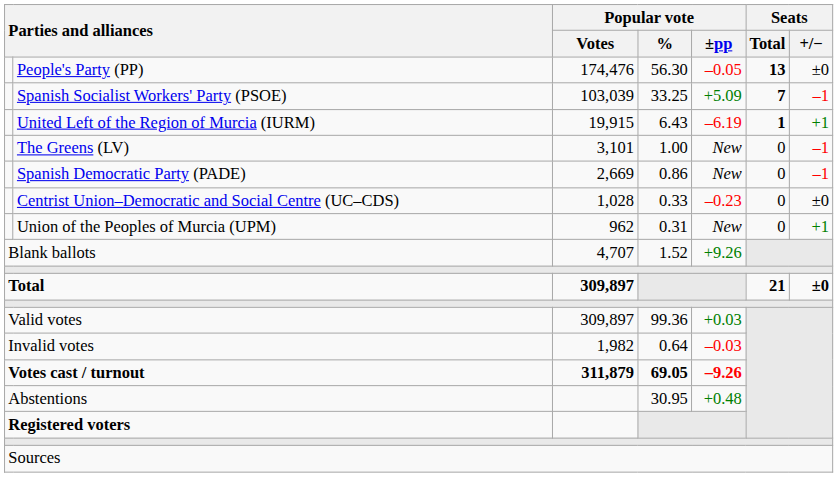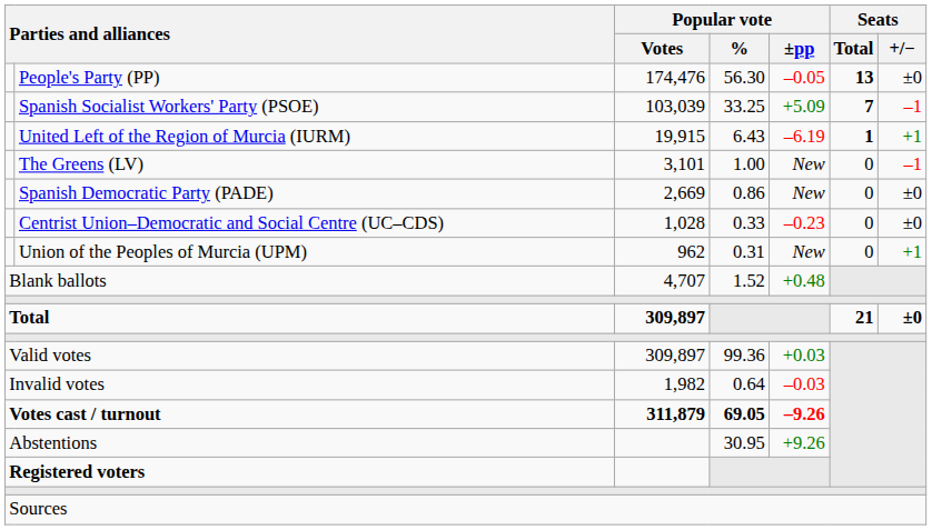 <table class="wikitable" style="text-align:right;">
 <tr>
 <th style="text-align:left;" rowspan="2" colspan="2" width="525">Parties and alliances</th>
 <th colspan="3">Popular vote</th>
 <th colspan="2">Seats</th>
 </tr>
 <tr>
 <th width="75">Votes</th>
 <th width="45">%</th>
 <th width="45">±<a href='#'>pp</a></th>
 <th width="35">Total</th>
 <th width="35">+/−</th>
 </tr>
 <tr>
 <td width="1" style="color:inherit;background:"></td>
 <td align="left"><a href='#'>People's Party</a> (PP)</td>
 <td>174,476</td>
 <td>56.30</td>
 <td style="color:red;">–0.05</td>
 <td><strong>13</strong></td>
 <td>±0</td>
 </tr>
 <tr>
 <td style="color:inherit;background:"></td>
 <td align="left"><a href='#'>Spanish Socialist Workers' Party</a> (PSOE)</td>
 <td>103,039</td>
 <td>33.25</td>
 <td style="color:green;">+5.09</td>
 <td><strong>7</strong></td>
 <td style="color:red;">–1</td>
 </tr>
 <tr>
 <td style="color:inherit;background:"></td>
 <td align="left"><a href='#'>United Left of the Region of Murcia</a> (IURM)</td>
 <td>19,915</td>
 <td>6.43</td>
 <td style="color:red;">–6.19</td>
 <td><strong>1</strong></td>
 <td style="color:green;">+1</td>
 </tr>
 <tr>
 <td style="color:inherit;background:"></td>
 <td align="left"><a href='#'>The Greens</a> (LV)</td>
 <td>3,101</td>
 <td>1.00</td>
 <td><em>New</em></td>
 <td>0</td>
 <td style="color:red;">–1</td>
 </tr>
 <tr>
 <td style="color:inherit;background:"></td>
 <td align="left"><a href='#'>Spanish Democratic Party</a> (PADE)</td>
 <td>2,669</td>
 <td>0.86</td>
 <td><em>New</em></td>
 <td>0</td>
-<td style="color:red;">–1</td>
+<td>±0</td>
 </tr>
 <tr>
 <td style="color:inherit;background:"></td>
 <td align="left"><a href='#'>Centrist Union–Democratic and Social Centre</a> (UC–CDS)</td>
 <td>1,028</td>
 <td>0.33</td>
 <td style="color:red;">–0.23</td>
 <td>0</td>
 <td>±0</td>
 </tr>
 <tr>
 <td style="color:inherit;background:"></td>
 <td align="left">Union of the Peoples of Murcia (UPM)</td>
 <td>962</td>
 <td>0.31</td>
 <td><em>New</em></td>
 <td>0</td>
 <td style="color:green;">+1</td>
 </tr>
 <tr>
 <td align="left" colspan="2">Blank ballots</td>
 <td>4,707</td>
 <td>1.52</td>
-<td style="color:green;">+9.26</td>
+<td style="color:green;">+0.48</td>
 <td bgcolor="#E9E9E9" colspan="2"></td>
 </tr>
 <tr>
 <td colspan="7" bgcolor="#E9E9E9"></td>
 </tr>
 <tr style="font-weight:bold;">
 <td align="left" colspan="2">Total</td>
 <td>309,897</td>
 <td bgcolor="#E9E9E9" colspan="2"></td>
 <td>21</td>
 <td>±0</td>
 </tr>
 <tr>
 <td colspan="7" bgcolor="#E9E9E9"></td>
 </tr>
 <tr>
 <td align="left" colspan="2">Valid votes</td>
 <td>309,897</td>
 <td>99.36</td>
 <td style="color:green;">+0.03</td>
 <td bgcolor="#E9E9E9" colspan="2" rowspan="5"></td>
 </tr>
 <tr>
 <td align="left" colspan="2">Invalid votes</td>
 <td>1,982</td>
 <td>0.64</td>
 <td style="color:red;">–0.03</td>
 </tr>
 <tr style="font-weight:bold;">
 <td align="left" colspan="2">Votes cast / turnout</td>
 <td>311,879</td>
 <td>69.05</td>
 <td style="color:red;">–9.26</td>
 </tr>
 <tr>
 <td align="left" colspan="2">Abstentions</td>
 <td></td>
 <td>30.95</td>
-<td style="color:green;">+0.48</td>
+<td style="color:green;">+9.26</td>
 </tr>
 <tr style="font-weight:bold;">
 <td align="left" colspan="2">Registered voters</td>
 <td></td>
 <td bgcolor="#E9E9E9" colspan="2"></td>
 </tr>
 <tr>
 <td colspan="7" bgcolor="#E9E9E9"></td>
 </tr>
 <tr>
 <td align="left" colspan="7">Sources</td>
 </tr>
 </table>
